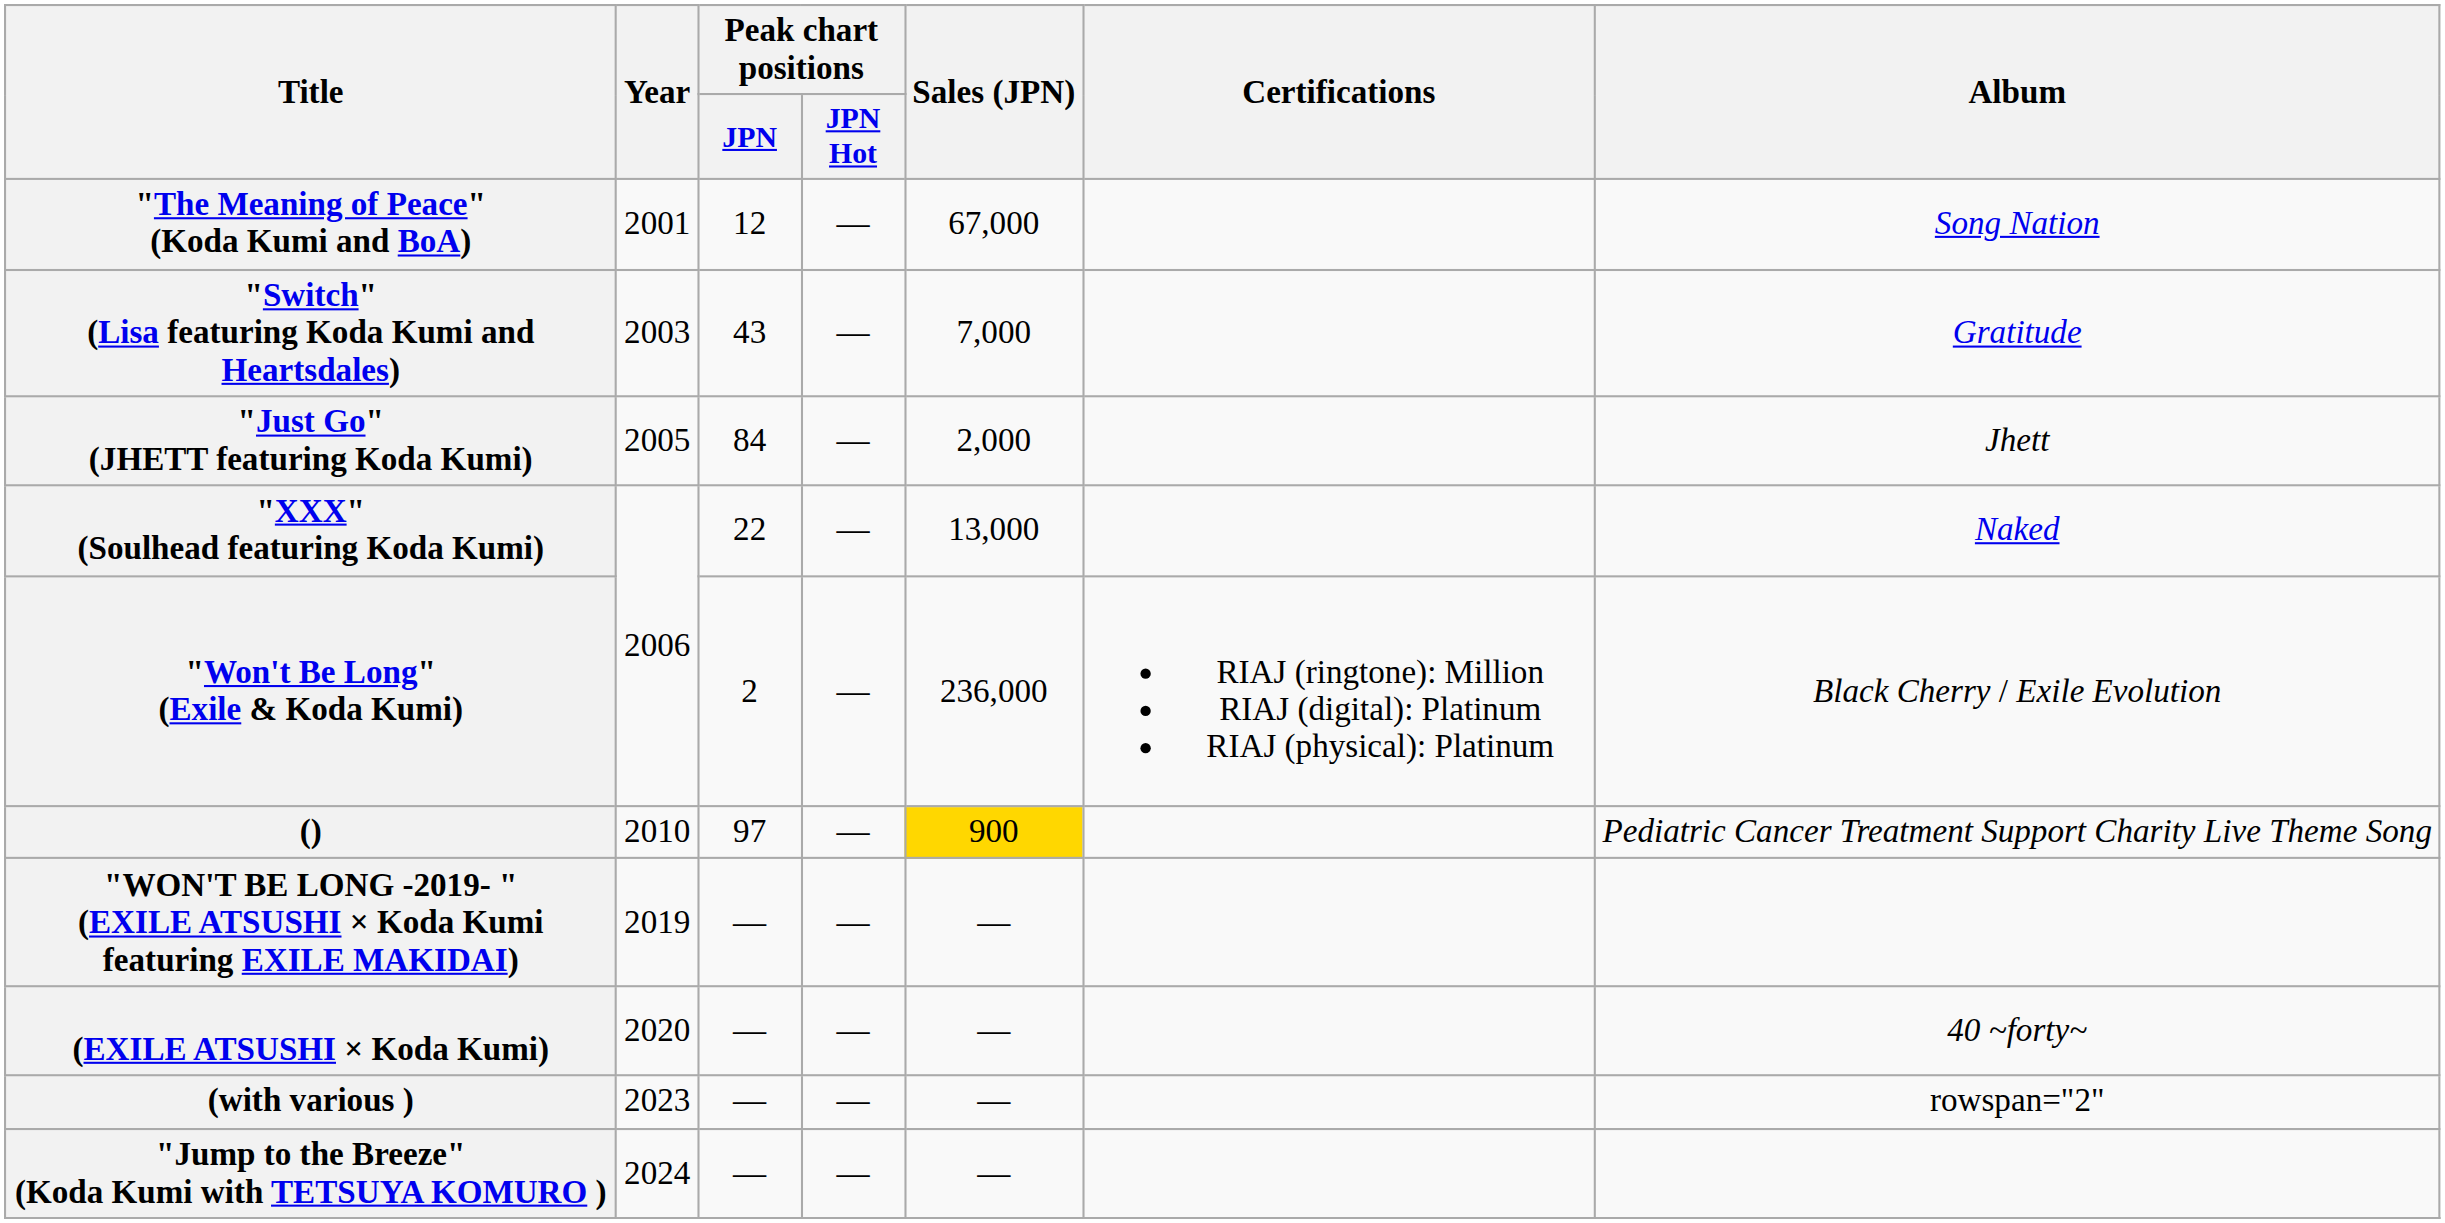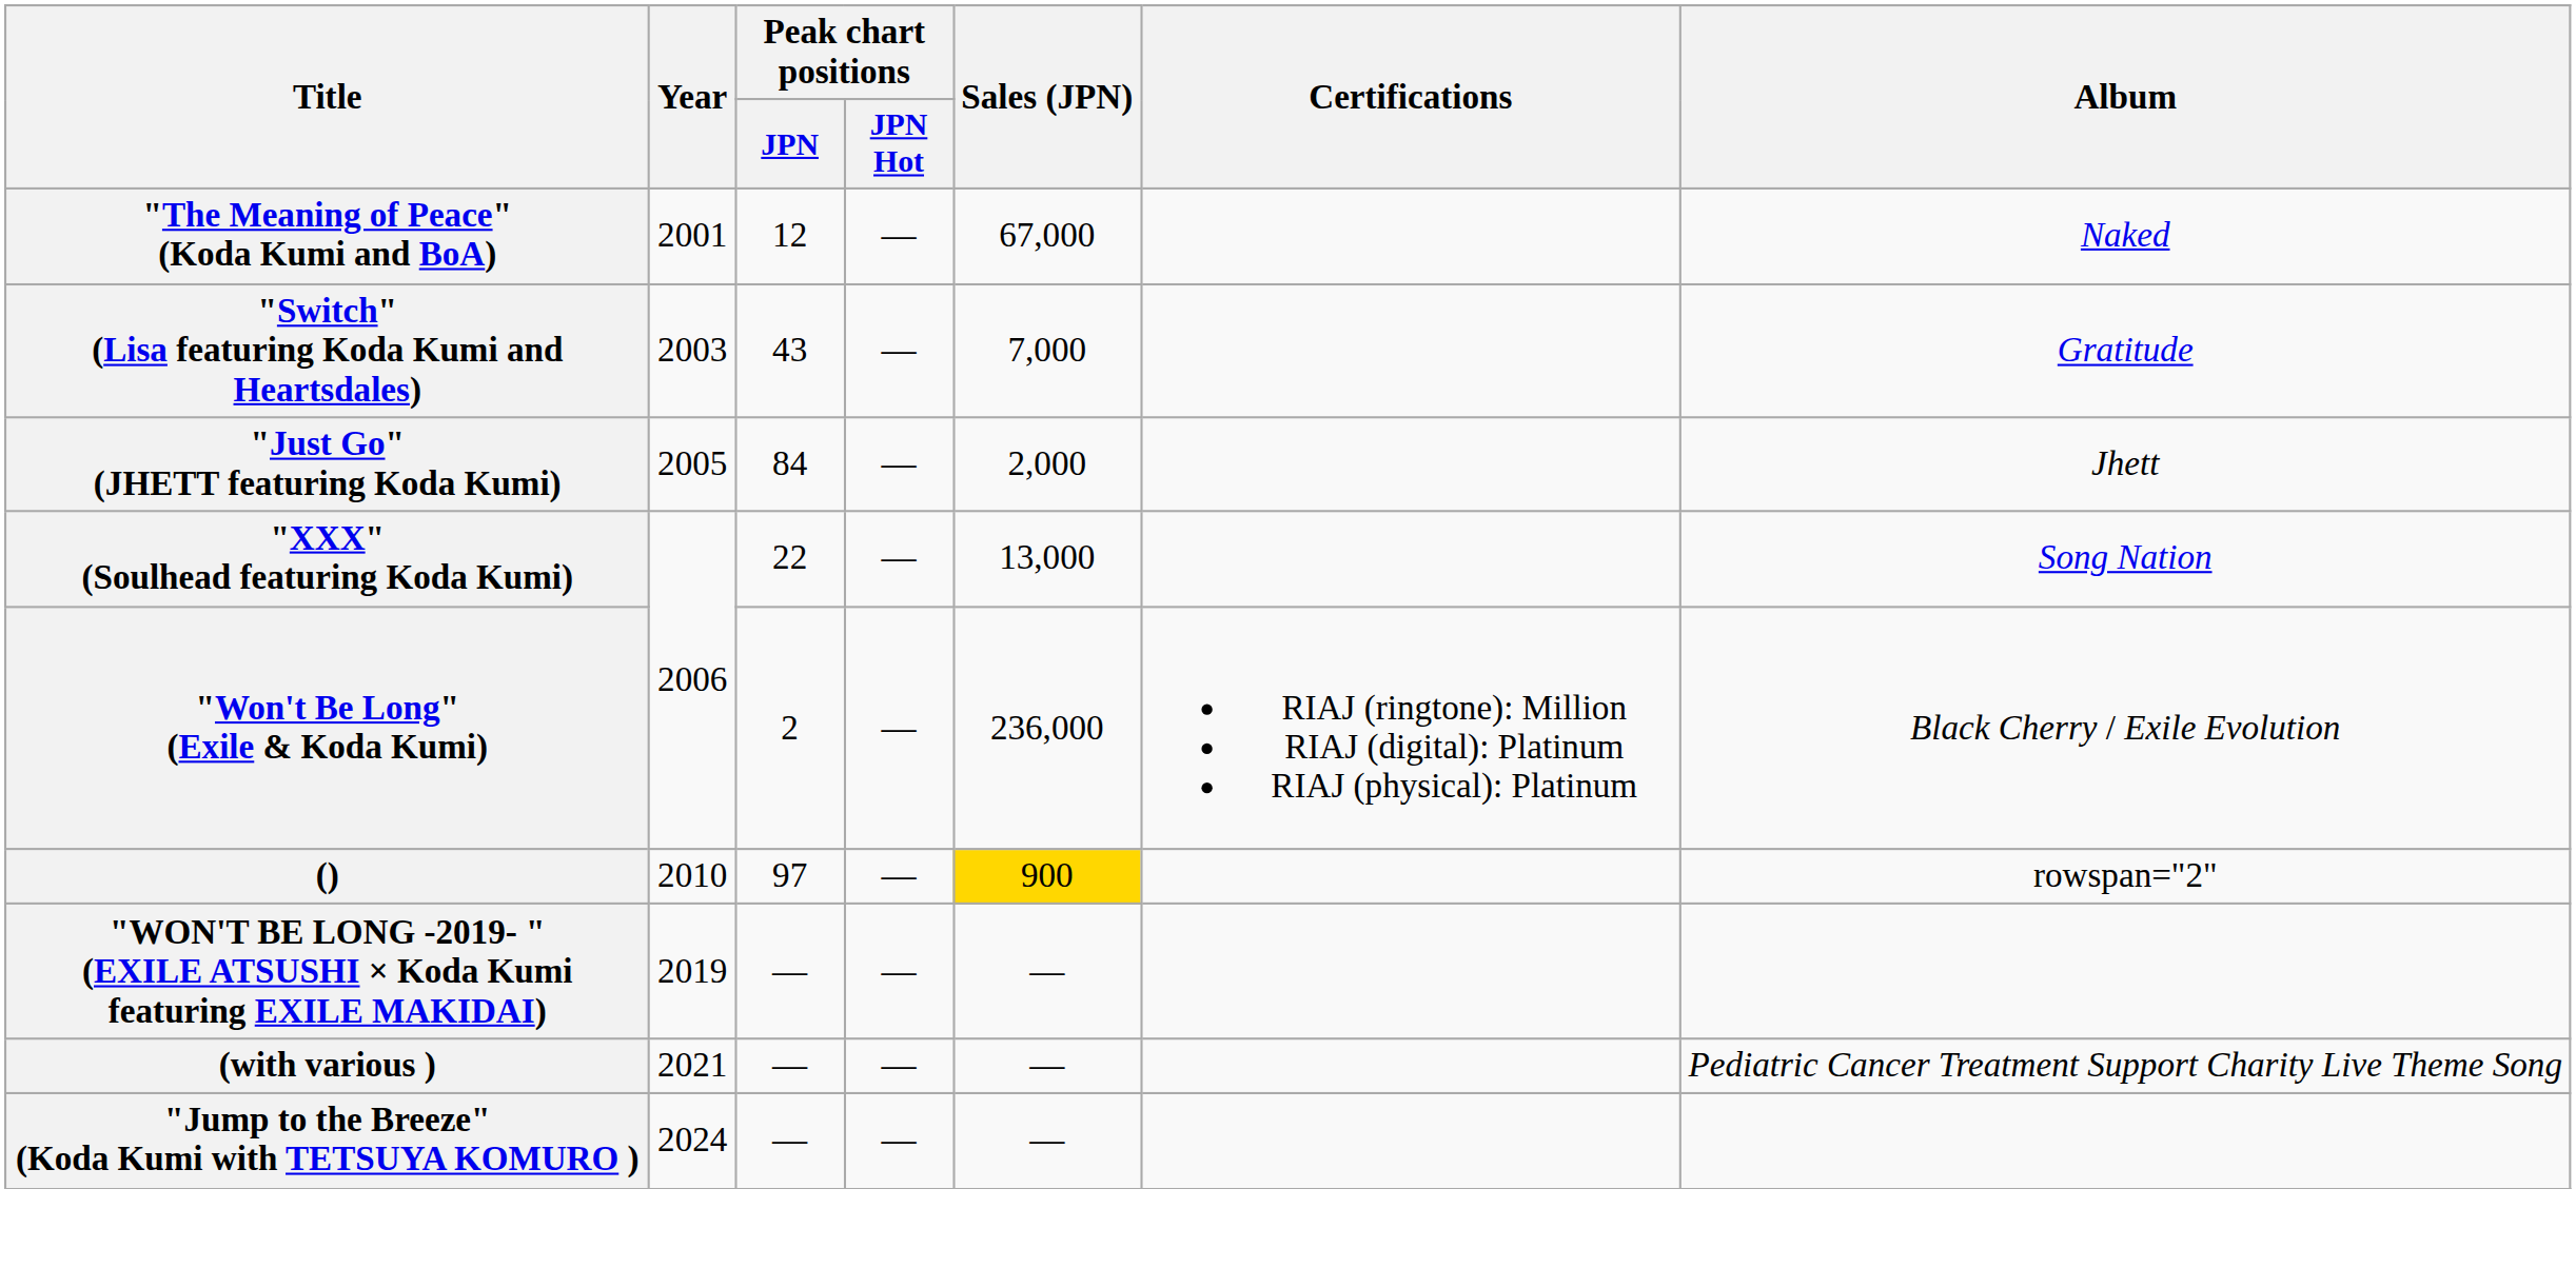 <table class="wikitable plainrowheaders" style="text-align:center;">
 <tr>
 <th scope="col" rowspan="2" style="width:18em;">Title</th>
 <th scope="col" rowspan="2">Year</th>
 <th scope="col" colspan="2">Peak chart positions</th>
 <th scope="col" rowspan="2">Sales (JPN)</th>
 <th scope="col" rowspan="2" style="width:15em;">Certifications</th>
 <th scope="col" rowspan="2">Album</th>
 </tr>
 <tr>
 <th style="width:3em;font-size:90%"><a href='#'>JPN</a><br></th>
 <th style="width:3em;font-size:90%"><a href='#'>JPN Hot</a><br></th>
 </tr>
 <tr>
 <th scope="row">"<a href='#'>The Meaning of Peace</a>"<br><span>(Koda Kumi and <a href='#'>BoA</a>)</span></th>
 <td>2001</td>
 <td>12</td>
 <td>—</td>
 <td>67,000</td>
 <td></td>
-<td><em><a href='#'>Song Nation</a></em></td>
+<td><em><a href='#'>Naked</a></em></td>
 </tr>
 <tr>
 <th scope="row">"<a href='#'>Switch</a>"<br><span>(<a href='#'>Lisa</a> featuring Koda Kumi and <a href='#'>Heartsdales</a>)</span></th>
 <td>2003</td>
 <td>43</td>
 <td>—</td>
 <td>7,000</td>
 <td></td>
 <td><em><a href='#'>Gratitude</a></em></td>
 </tr>
 <tr>
 <th scope="row">"<a href='#'>Just Go</a>"<br><span>(JHETT featuring Koda Kumi)</span></th>
 <td>2005</td>
 <td>84</td>
 <td>—</td>
 <td>2,000</td>
 <td></td>
 <td><em>Jhett</em></td>
 </tr>
 <tr>
 <th scope="row">"<a href='#'>XXX</a>"<br><span>(Soulhead featuring Koda Kumi)</span></th>
 <td rowspan="2">2006</td>
 <td>22</td>
 <td>—</td>
 <td>13,000</td>
 <td></td>
-<td><em><a href='#'>Naked</a></em></td>
+<td><em><a href='#'>Song Nation</a></em></td>
 </tr>
 <tr>
 <th scope="row">"<a href='#'>Won't Be Long</a>"<br><span>(<a href='#'>Exile</a> & Koda Kumi)</span></th>
 <td>2</td>
 <td>—</td>
 <td>236,000</td>
 <td><br><ul><li>RIAJ <span>(ringtone)</span>: Million</li><li>RIAJ <span>(digital)</span>: Platinum</li><li>RIAJ <span>(physical)</span>: Platinum</li></ul></td>
 <td><em>Black Cherry</em> / <em>Exile Evolution</em></td>
 </tr>
 <tr>
 <th scope="row"> <span>()</span></th>
 <td>2010</td>
 <td>97</td>
 <td>—</td>
 <td style="background: gold;">900</td>
 <td></td>
-<td><em>Pediatric Cancer Treatment Support Charity Live Theme Song</em></td>
+<td>rowspan="2" </td>
 </tr>
 <tr>
 <th scope="row">"WON'T BE LONG -2019- "<br><span>(<a href='#'>EXILE ATSUSHI</a> × Koda Kumi featuring <a href='#'>EXILE MAKIDAI</a>)</span></th>
 <td>2019</td>
 <td>—</td>
 <td>—</td>
 <td>—</td>
 <td></td>
 </tr>
 <tr>
-<th scope="row"> <br><span>(<a href='#'>EXILE ATSUSHI</a> × Koda Kumi)</span></th>
-<td>2020</td>
+<th scope="row"> <span>(with various )</span></th>
+<td>2021</td>
 <td>—</td>
 <td>—</td>
 <td>—</td>
 <td></td>
-<td><em>40 ~forty~</em></td>
-</tr>
-<tr>
-<th scope="row"> <span>(with various )</span></th>
-<td>2023</td>
-<td>—</td>
-<td>—</td>
-<td>—</td>
-<td></td>
-<td>rowspan="2" </td>
+<td><em>Pediatric Cancer Treatment Support Charity Live Theme Song</em></td>
 </tr>
 <tr>
 <th scope="row">"Jump to the Breeze" <br><span>(Koda Kumi with <a href='#'>TETSUYA KOMURO</a> )</span></th>
 <td>2024</td>
 <td>—</td>
 <td>—</td>
 <td>—</td>
 <td></td>
 <td></td>
 </tr>
 <tr>
 </tr>
 </table>
